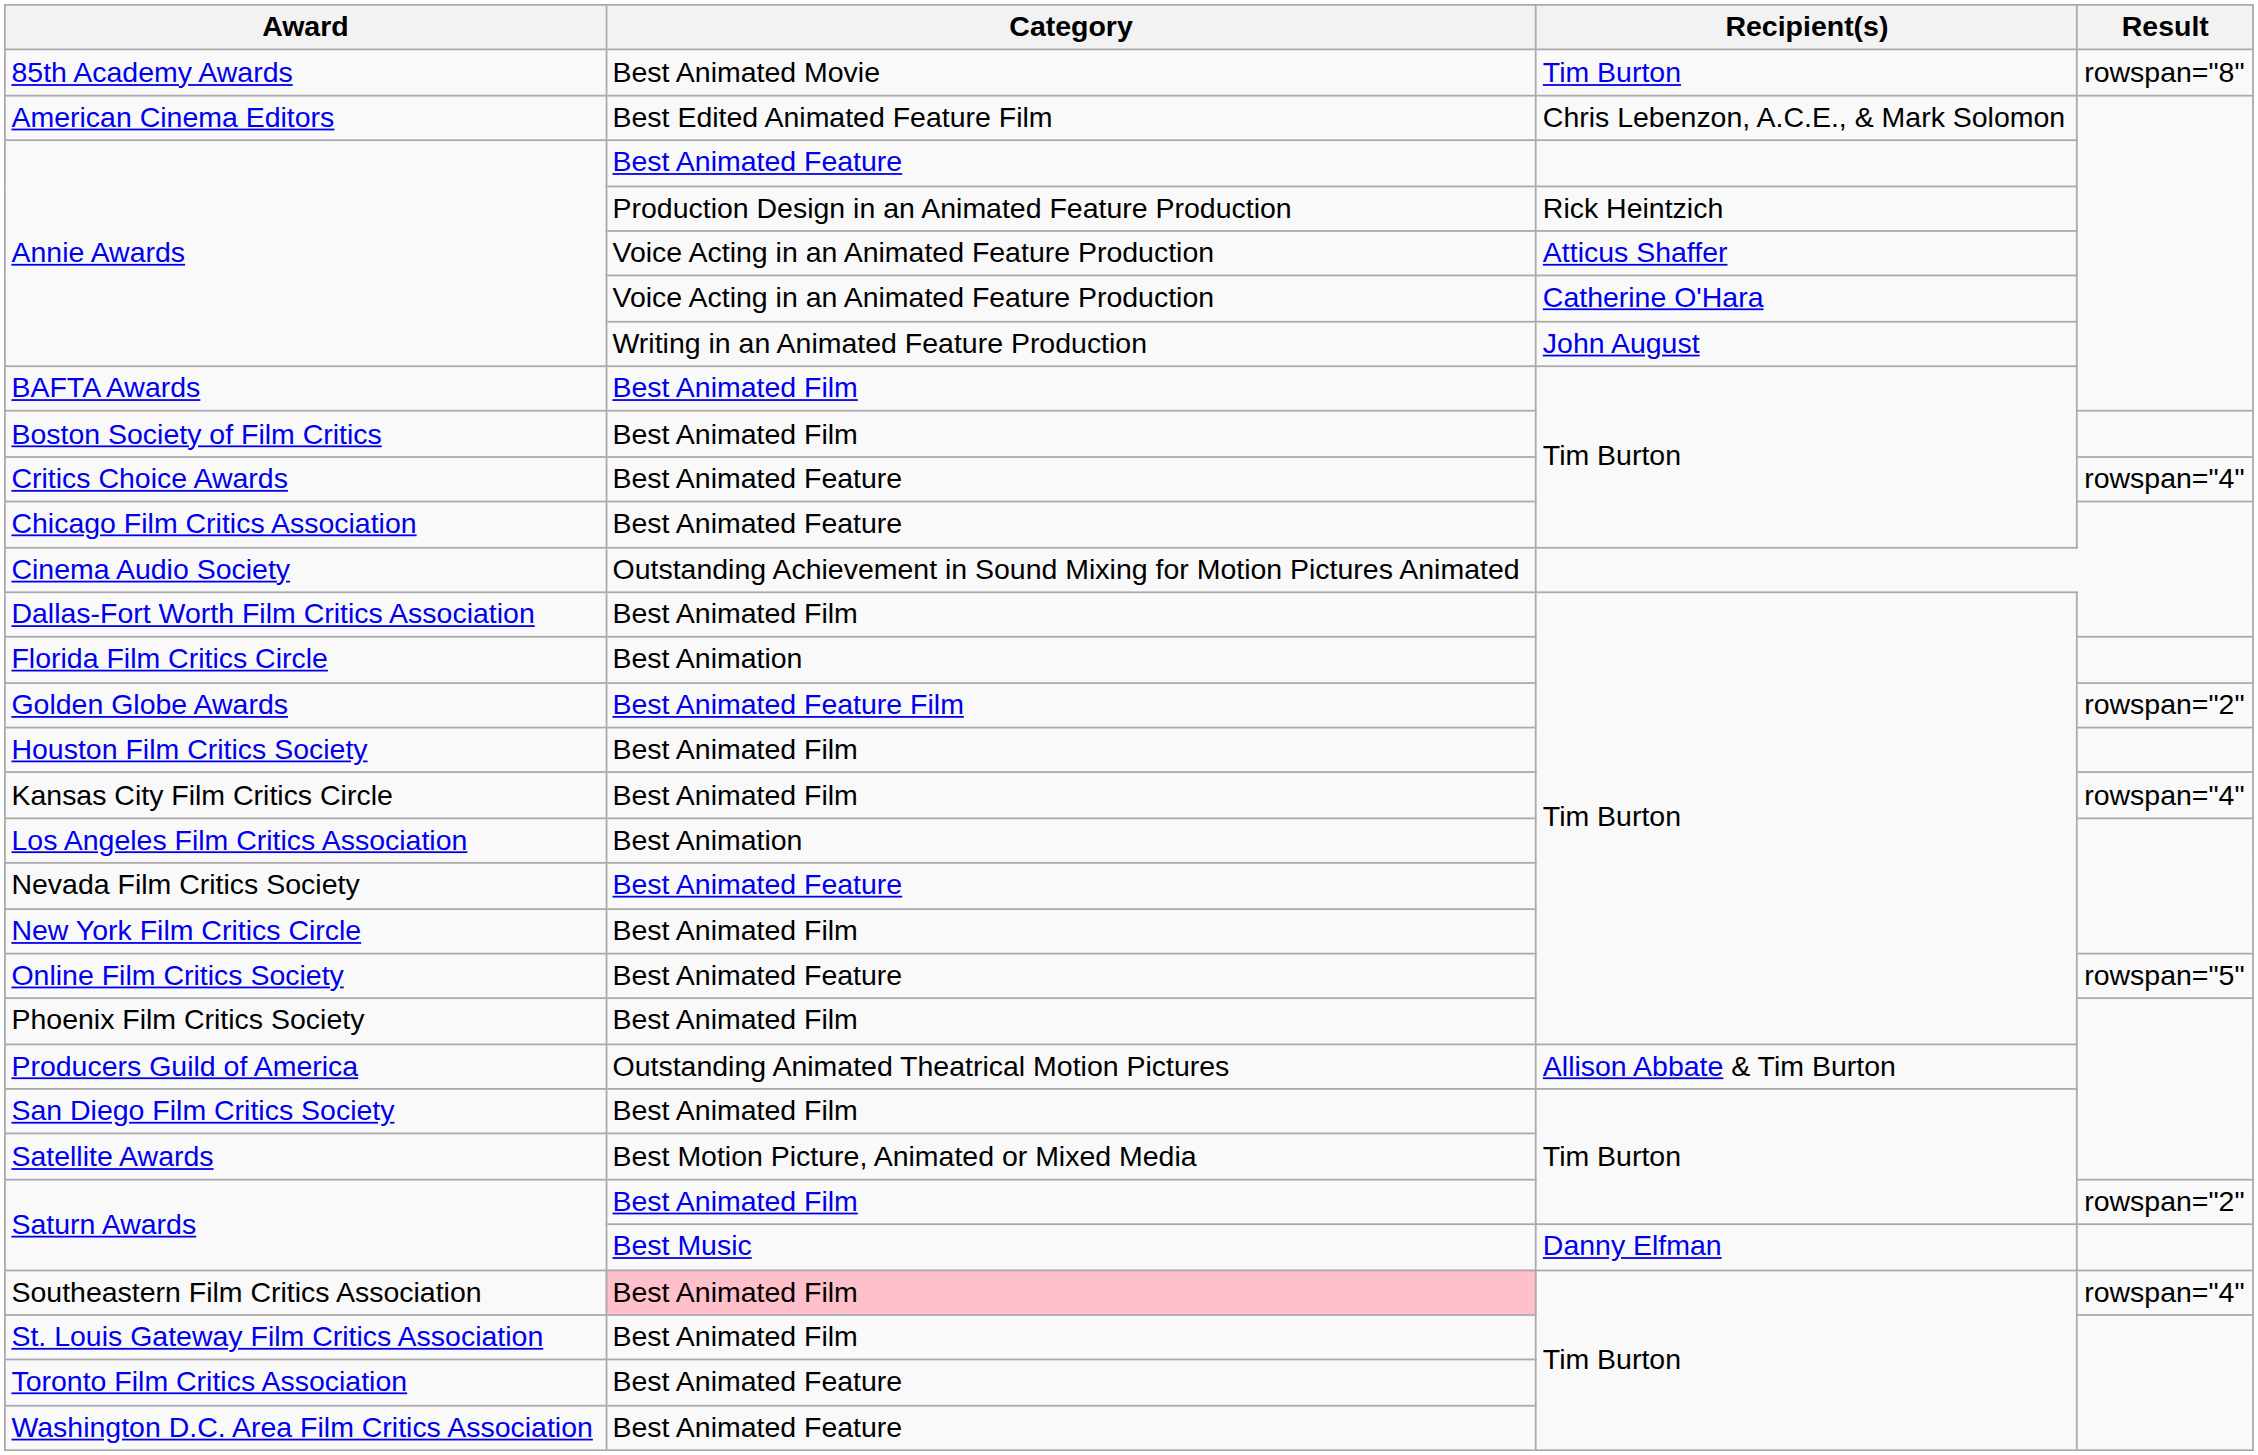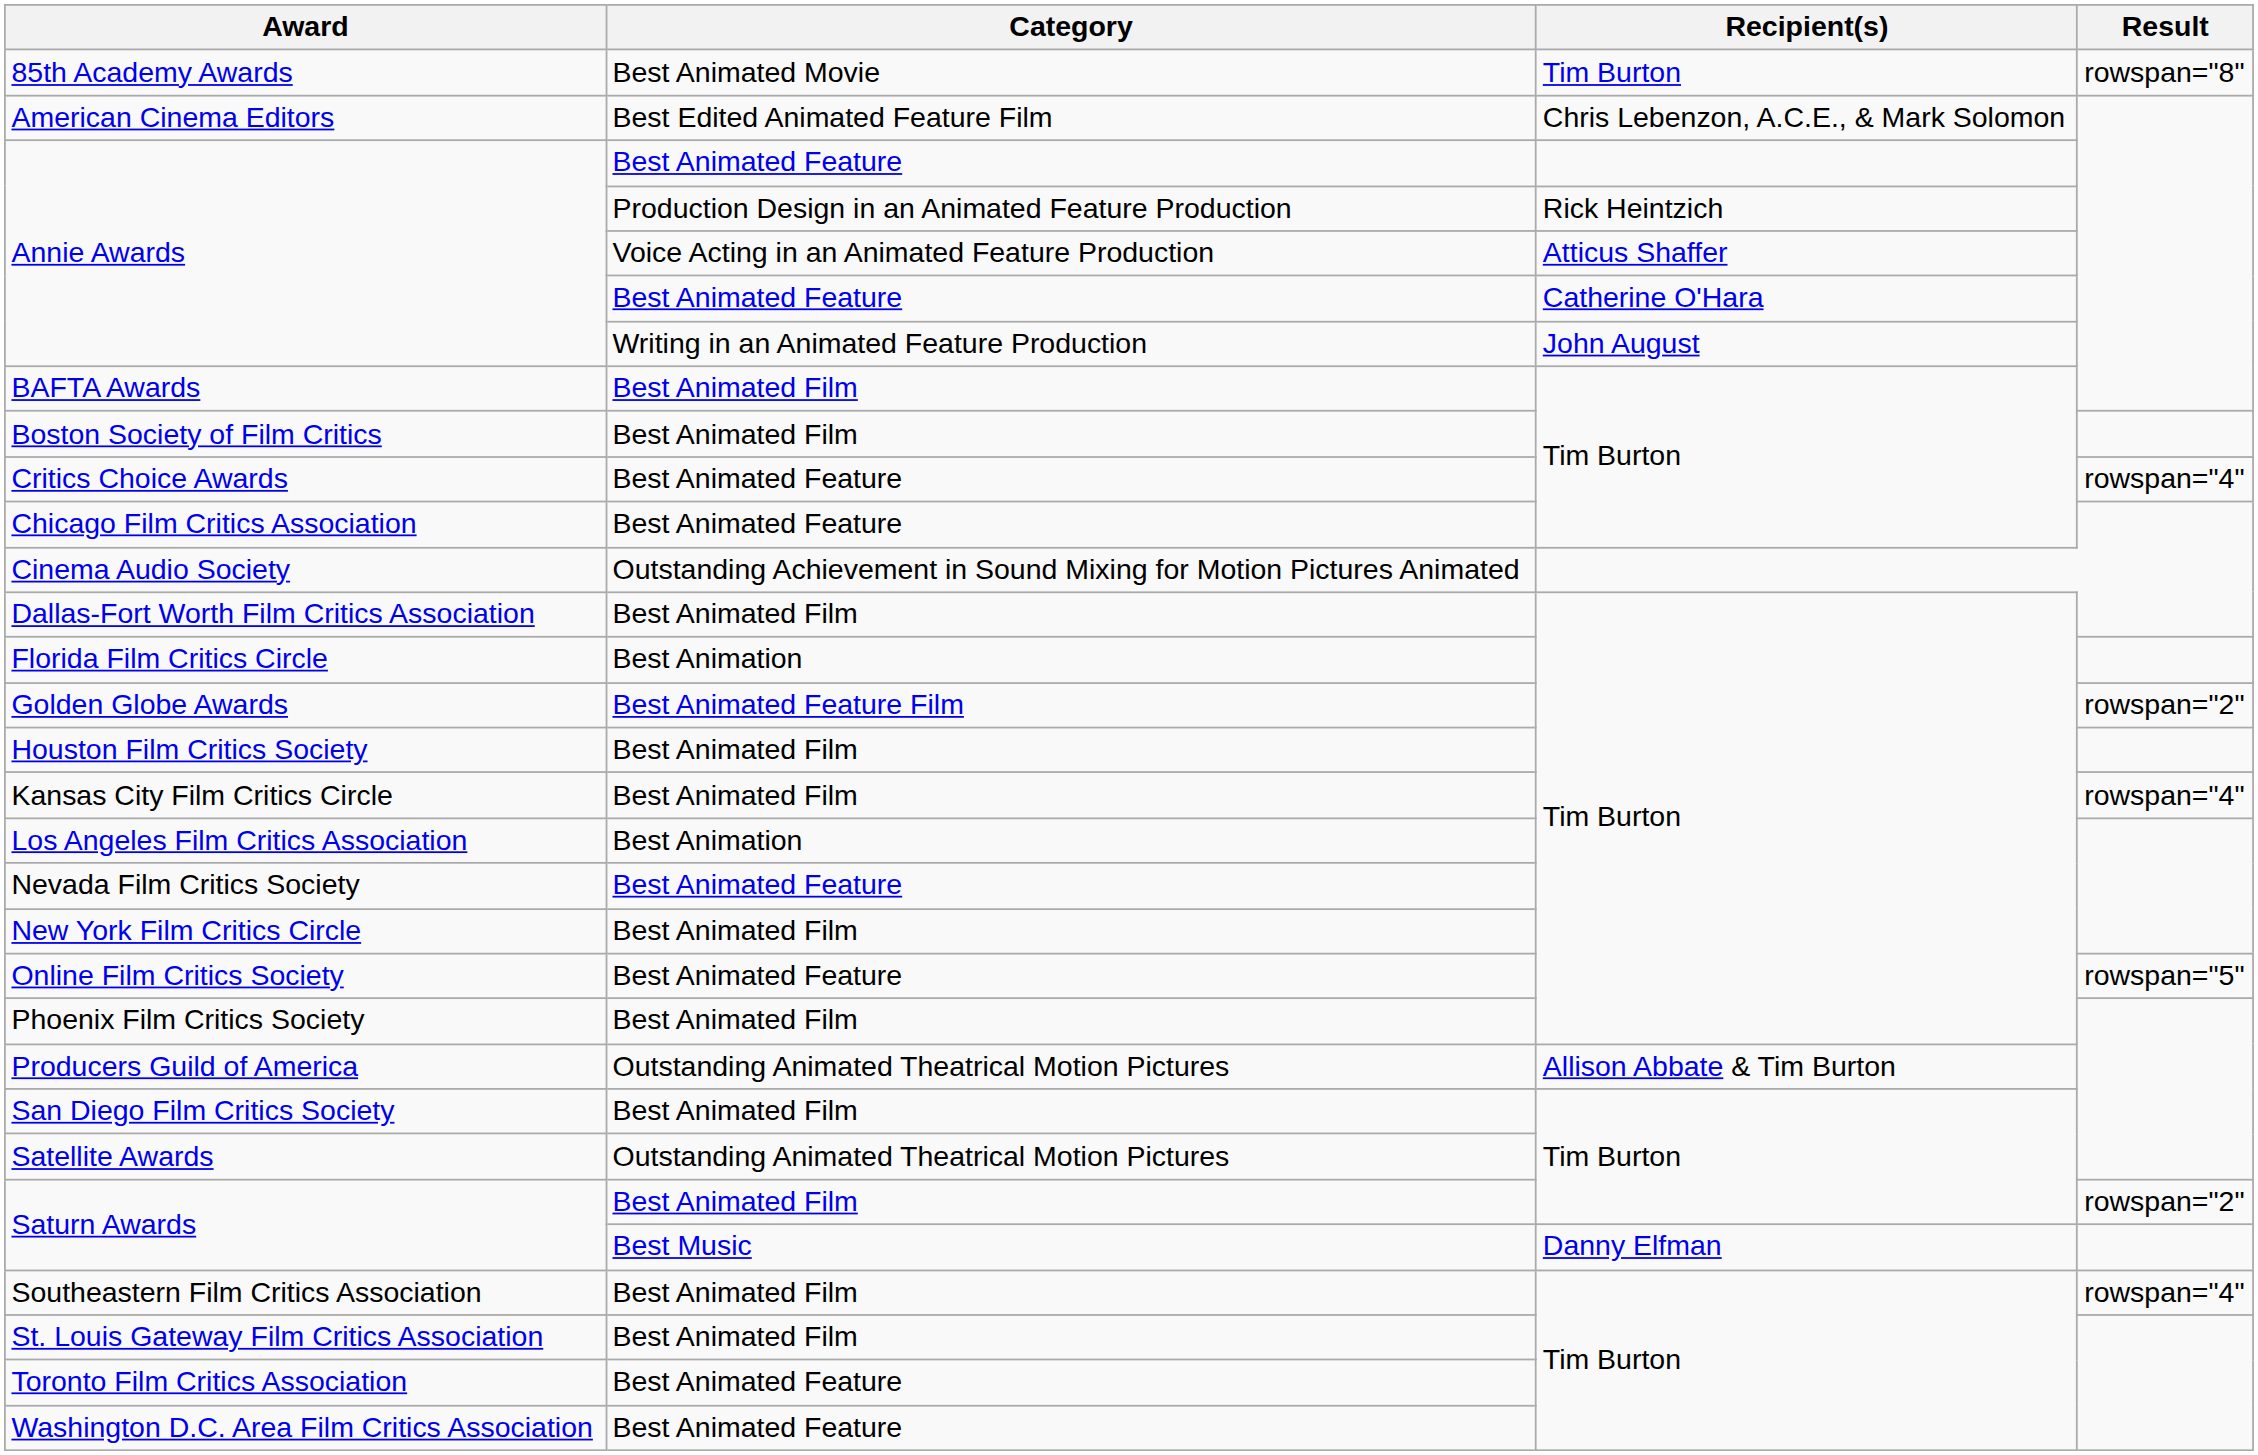 <table class="wikitable" style="width:100%;">
 <tr>
 <th>Award</th>
 <th>Category</th>
 <th>Recipient(s)</th>
 <th>Result</th>
 </tr>
 <tr>
 <td><a href='#'>85th Academy Awards</a></td>
 <td>Best Animated Movie</td>
 <td><a href='#'>Tim Burton</a></td>
 <td>rowspan="8" </td>
 </tr>
 <tr>
 <td><a href='#'>American Cinema Editors</a></td>
 <td>Best Edited Animated Feature Film</td>
 <td>Chris Lebenzon, A.C.E., & Mark Solomon</td>
 </tr>
 <tr>
 <td rowspan="5"><a href='#'>Annie Awards</a></td>
 <td><a href='#'>Best Animated Feature</a></td>
 <td></td>
 </tr>
 <tr>
 <td>Production Design in an Animated Feature Production</td>
 <td>Rick Heintzich</td>
 </tr>
 <tr>
 <td>Voice Acting in an Animated Feature Production</td>
 <td><a href='#'>Atticus Shaffer</a></td>
 </tr>
 <tr>
-<td>Voice Acting in an Animated Feature Production</td>
+<td><a href='#'>Best Animated Feature</a></td>
 <td><a href='#'>Catherine O'Hara</a></td>
 </tr>
 <tr>
 <td>Writing in an Animated Feature Production</td>
 <td><a href='#'>John August</a></td>
 </tr>
 <tr>
 <td><a href='#'>BAFTA Awards</a></td>
 <td><a href='#'>Best Animated Film</a></td>
 <td rowspan="4">Tim Burton</td>
 </tr>
 <tr>
 <td><a href='#'>Boston Society of Film Critics</a></td>
 <td>Best Animated Film</td>
 <td></td>
 </tr>
 <tr>
 <td><a href='#'>Critics Choice Awards</a></td>
 <td>Best Animated Feature</td>
 <td>rowspan="4" </td>
 </tr>
 <tr>
 <td><a href='#'>Chicago Film Critics Association</a></td>
 <td>Best Animated Feature</td>
 </tr>
 <tr>
 <td><a href='#'>Cinema Audio Society</a></td>
 <td>Outstanding Achievement in Sound Mixing for Motion Pictures Animated</td>
 </tr>
 <tr>
 <td><a href='#'>Dallas-Fort Worth Film Critics Association</a></td>
 <td>Best Animated Film</td>
 <td rowspan="10">Tim Burton</td>
 </tr>
 <tr>
 <td><a href='#'>Florida Film Critics Circle</a></td>
 <td>Best Animation</td>
 <td></td>
 </tr>
 <tr>
 <td><a href='#'>Golden Globe Awards</a></td>
 <td><a href='#'>Best Animated Feature Film</a></td>
 <td>rowspan="2" </td>
 </tr>
 <tr>
 <td><a href='#'>Houston Film Critics Society</a></td>
 <td>Best Animated Film</td>
 </tr>
 <tr>
 <td>Kansas City Film Critics Circle</td>
 <td>Best Animated Film</td>
 <td>rowspan="4" </td>
 </tr>
 <tr>
 <td><a href='#'>Los Angeles Film Critics Association</a></td>
 <td>Best Animation</td>
 </tr>
 <tr>
 <td>Nevada Film Critics Society</td>
 <td><a href='#'>Best Animated Feature</a></td>
 </tr>
 <tr>
 <td><a href='#'>New York Film Critics Circle</a></td>
 <td>Best Animated Film</td>
 </tr>
 <tr>
 <td><a href='#'>Online Film Critics Society</a></td>
 <td>Best Animated Feature</td>
 <td>rowspan="5" </td>
 </tr>
 <tr>
 <td>Phoenix Film Critics Society</td>
 <td>Best Animated Film</td>
 </tr>
 <tr>
 <td><a href='#'>Producers Guild of America</a></td>
 <td>Outstanding Animated Theatrical Motion Pictures</td>
 <td><a href='#'>Allison Abbate</a> & Tim Burton</td>
 </tr>
 <tr>
 <td><a href='#'>San Diego Film Critics Society</a></td>
 <td>Best Animated Film</td>
 <td rowspan="3">Tim Burton</td>
 </tr>
 <tr>
 <td><a href='#'>Satellite Awards</a></td>
-<td>Best Motion Picture, Animated or Mixed Media</td>
+<td>Outstanding Animated Theatrical Motion Pictures</td>
 </tr>
 <tr>
 <td rowspan="2"><a href='#'>Saturn Awards</a></td>
 <td><a href='#'>Best Animated Film</a></td>
 <td>rowspan="2" </td>
 </tr>
 <tr>
 <td><a href='#'>Best Music</a></td>
 <td><a href='#'>Danny Elfman</a></td>
 </tr>
 <tr>
 <td>Southeastern Film Critics Association</td>
-<td style="background: pink;">Best Animated Film</td>
+<td>Best Animated Film</td>
 <td rowspan="4">Tim Burton</td>
 <td>rowspan="4" </td>
 </tr>
 <tr>
 <td><a href='#'>St. Louis Gateway Film Critics Association</a></td>
 <td>Best Animated Film</td>
 </tr>
 <tr>
 <td><a href='#'>Toronto Film Critics Association</a></td>
 <td>Best Animated Feature</td>
 </tr>
 <tr>
 <td><a href='#'>Washington D.C. Area Film Critics Association</a></td>
 <td>Best Animated Feature</td>
 </tr>
 </table>
